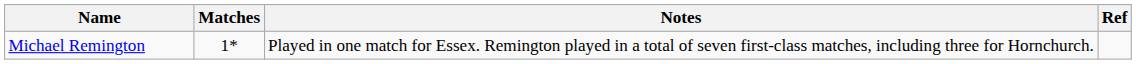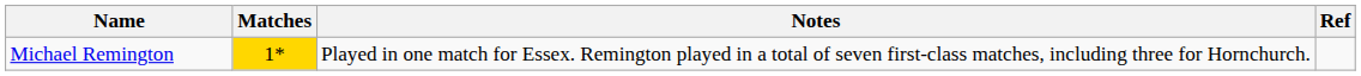 <table class="wikitable">
 <tr>
 <th style="width:170px">Name</th>
 <th>Matches</th>
 <th>Notes</th>
 <th>Ref</th>
 </tr>
 <tr>
 <td><a href='#'>Michael Remington</a></td>
-<td align=center>1*</td>
+<td align=center style="background: gold;">1*</td>
 <td>Played in one match for Essex. Remington played in a total of seven first-class matches, including three for Hornchurch.</td>
 <td></td>
 </tr>
 </table>
